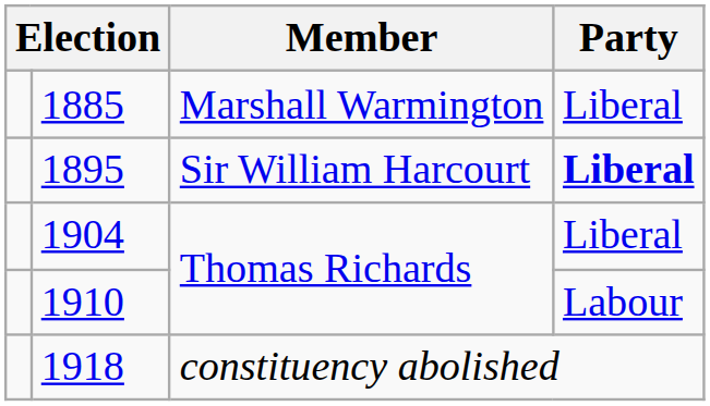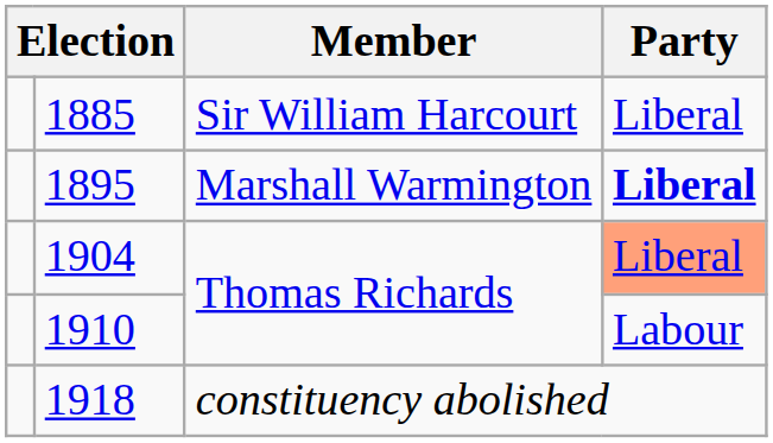 <table class="wikitable">
 <tr>
 <th colspan="2">Election</th>
 <th>Member</th>
 <th>Party</th>
 </tr>
 <tr>
 <td style="color:inherit;background-color: "></td>
 <td><a href='#'>1885</a></td>
-<td><a href='#'>Marshall Warmington</a></td>
+<td><a href='#'>Sir William Harcourt</a></td>
 <td><a href='#'>Liberal</a></td>
 </tr>
 <tr>
 <td style="color:inherit;background-color: "></td>
 <td><a href='#'>1895</a></td>
-<td><a href='#'>Sir William Harcourt</a></td>
+<td><a href='#'>Marshall Warmington</a></td>
 <td><strong><a href='#'>Liberal</a></strong></td>
 </tr>
 <tr>
 <td style="color:inherit;background-color: "></td>
 <td><a href='#'>1904</a></td>
 <td rowspan=2><a href='#'>Thomas Richards</a></td>
-<td><a href='#'>Liberal</a></td>
+<td style="background: lightsalmon;"><a href='#'>Liberal</a></td>
 </tr>
 <tr>
 <td style="color:inherit;background-color: "></td>
 <td><a href='#'>1910</a></td>
 <td><a href='#'>Labour</a></td>
 </tr>
 <tr>
 <td></td>
 <td><a href='#'>1918</a></td>
 <td colspan="2"><em>constituency abolished</em></td>
 </tr>
 </table>
